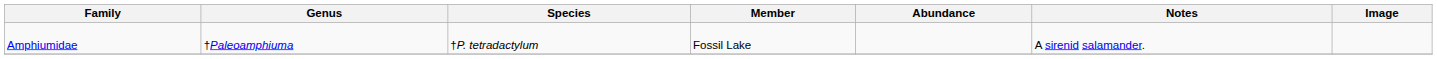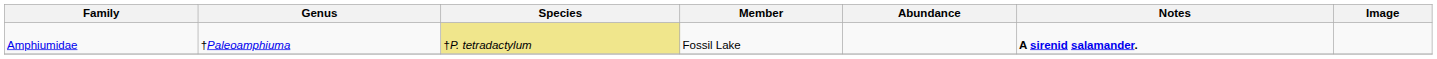 <table class="wikitable" style="margin:auto;width:100%;">
 <tr>
 <th>Family</th>
 <th>Genus</th>
 <th>Species</th>
 <th>Member</th>
 <th>Abundance</th>
 <th>Notes</th>
 <th>Image</th>
 </tr>
 <tr>
 <td><br><a href='#'>Amphiumidae</a></td>
 <td><br>†<em><a href='#'>Paleoamphiuma</a></em></td>
-<td><br>†<em>P. tetradactylum</em> </td>
+<td style="background: khaki;"><br>†<em>P. tetradactylum</em> </td>
 <td><br>Fossil Lake</td>
 <td></td>
-<td><br>A <a href='#'>sirenid</a> <a href='#'>salamander</a>.</td>
+<td><strong><br>A <a href='#'>sirenid</a> <a href='#'>salamander</a>.</strong></td>
 <td><br></td>
 </tr>
 <tr>
 </tr>
 </table>
